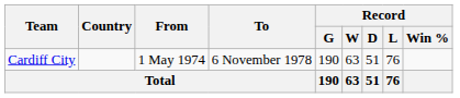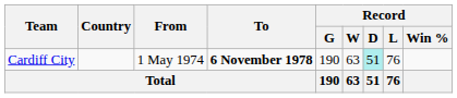 <table class="wikitable" style="text-align: center">
 <tr>
 <th rowspan="2">Team</th>
 <th rowspan="2">Country</th>
 <th rowspan="2">From</th>
 <th rowspan="2">To</th>
 <th colspan="6">Record</th>
 </tr>
 <tr>
 <th>G</th>
 <th>W</th>
 <th>D</th>
 <th>L</th>
 <th>Win %</th>
 </tr>
 <tr>
 <td align=left><a href='#'>Cardiff City</a></td>
 <td></td>
 <td align=left>1 May 1974</td>
-<td align=left>6 November 1978</td>
+<td align=left><strong>6 November 1978</strong></td>
 <td>190</td>
 <td>63</td>
-<td>51</td>
+<td style="background: paleturquoise;">51</td>
 <td>76</td>
 <td></td>
 </tr>
 <tr>
 <th colspan="4">Total</th>
 <th>190</th>
 <th>63</th>
 <th>51</th>
 <th>76</th>
 <th></th>
 </tr>
 </table>
